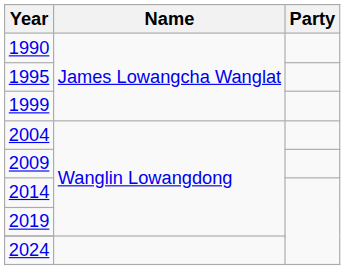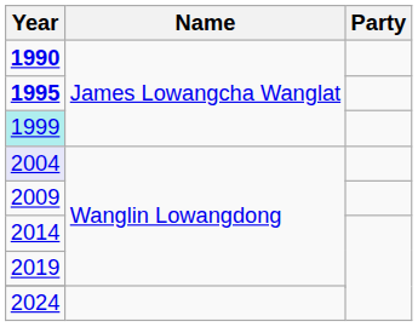 <table class="wikitable sortable">
 <tr>
 <th>Year</th>
 <th>Name</th>
 <th colspan="2">Party</th>
 </tr>
 <tr>
-<td><a href='#'>1990</a></td>
+<td><strong><a href='#'>1990</a></strong></td>
 <td rowspan="3"><a href='#'>James Lowangcha Wanglat</a></td>
 <td></td>
 </tr>
 <tr>
-<td><a href='#'>1995</a></td>
+<td><strong><a href='#'>1995</a></strong></td>
 <td></td>
 </tr>
 <tr>
-<td><a href='#'>1999</a></td>
+<td style="background: paleturquoise;"><a href='#'>1999</a></td>
 </tr>
 <tr>
-<td><a href='#'>2004</a></td>
+<td style="background: lavender;"><a href='#'>2004</a></td>
 <td rowspan="5"><a href='#'>Wanglin Lowangdong</a></td>
 <td></td>
 </tr>
 <tr>
 <td><a href='#'>2009</a></td>
 <td></td>
 </tr>
 <tr>
 <td><a href='#'>2014</a></td>
 </tr>
 <tr>
 <td><a href='#'>2019</a></td>
 </tr>
 <tr>
 </tr>
 <tr>
 <td><a href='#'>2024</a></td>
 <td></td>
 </tr>
 </table>
